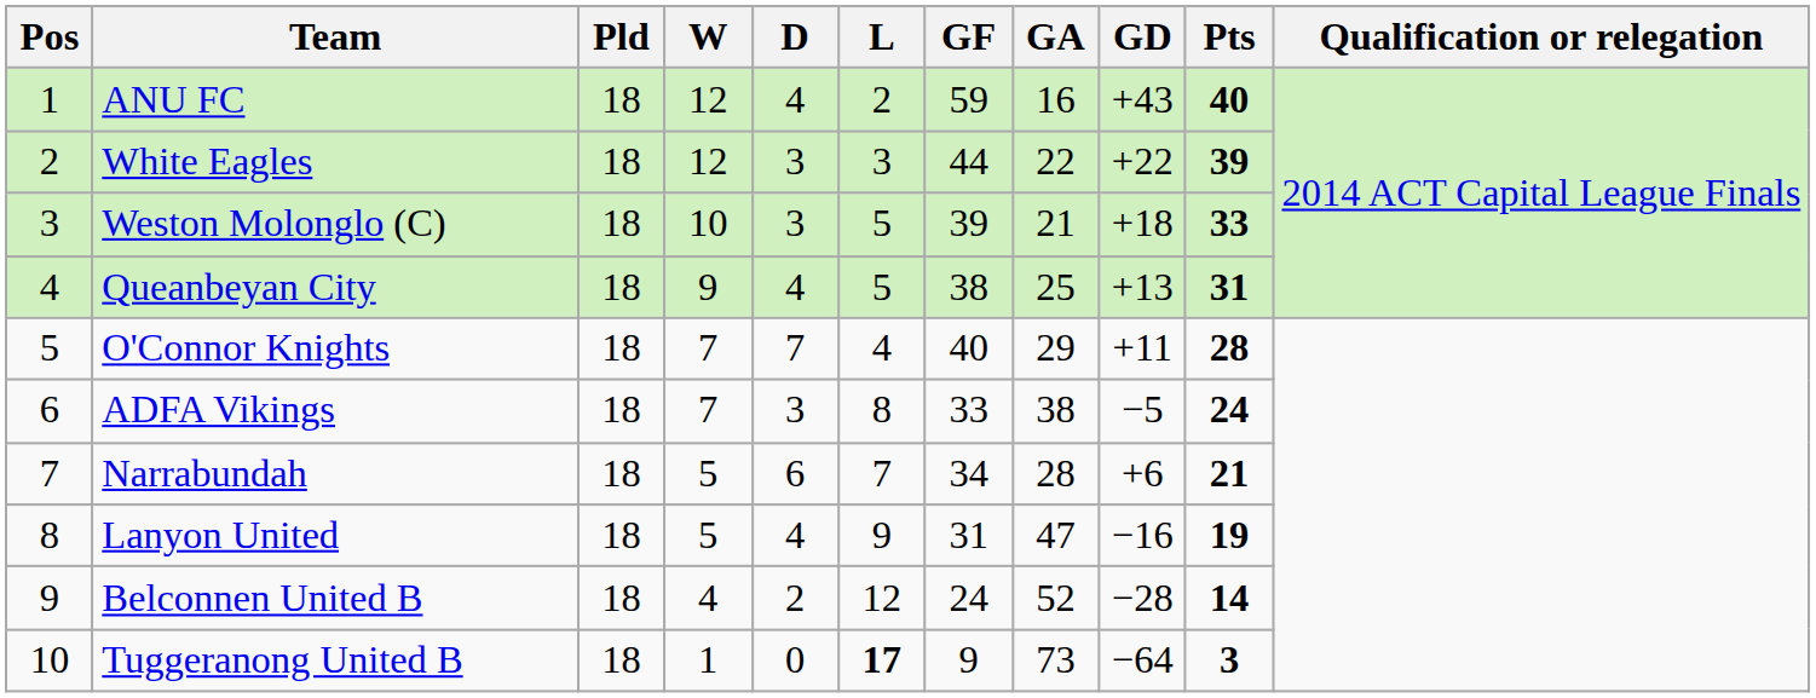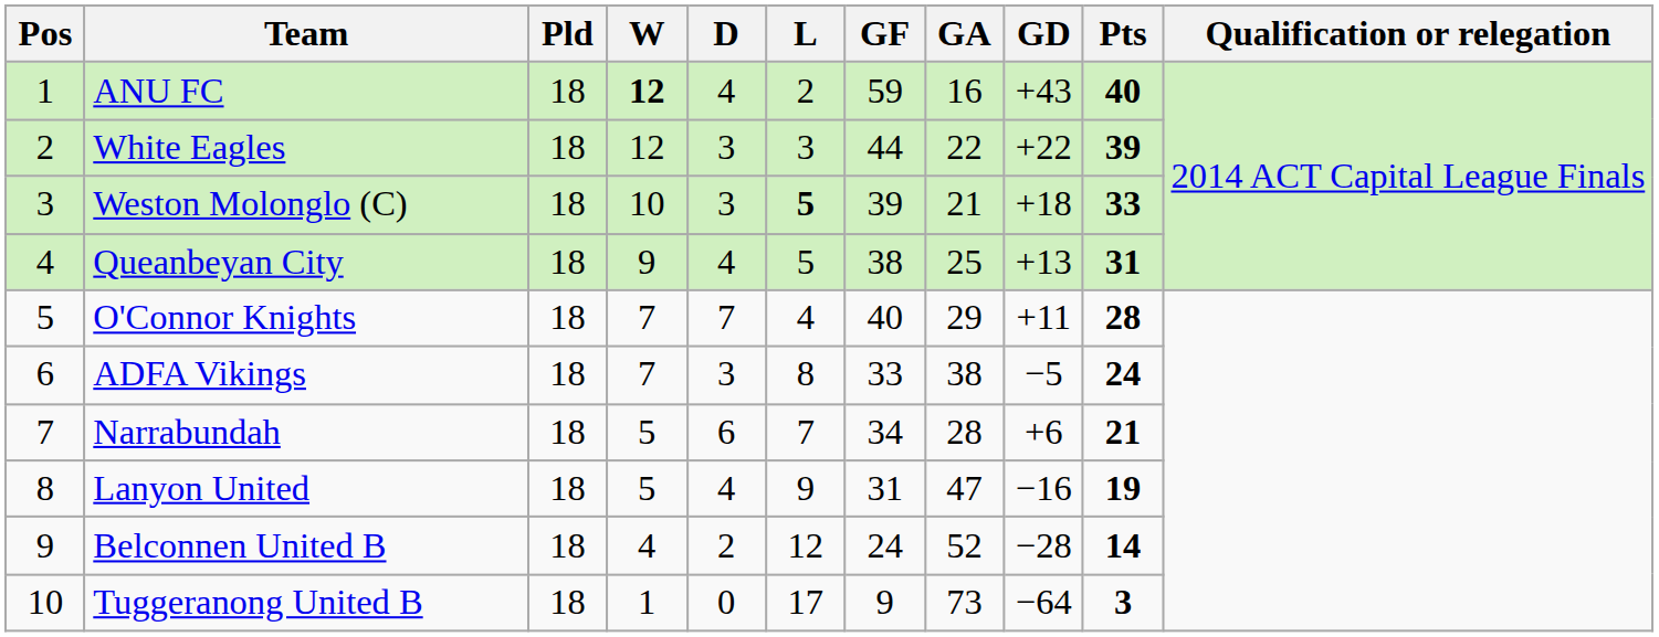 <table class="wikitable" style="text-align:center;">
 <tr>
 <th scope="col" width=28><abbr>Pos</abbr></th>
 <th scope="col" width=190>Team</th>
 <th scope="col" width=28><abbr>Pld</abbr></th>
 <th scope="col" width=28><abbr>W</abbr></th>
 <th scope="col" width=28><abbr>D</abbr></th>
 <th scope="col" width=28><abbr>L</abbr></th>
 <th scope="col" width=28><abbr>GF</abbr></th>
 <th scope="col" width=28><abbr>GA</abbr></th>
 <th scope="col" width=28><abbr>GD</abbr></th>
 <th scope="col" width=28><abbr>Pts</abbr></th>
 <th scope="col">Qualification or relegation</th>
 </tr>
 <tr>
 <th scope="row" style="text-align: center;font-weight: normal;background-color:#D0F0C0;">1</th>
 <td style="text-align: left; white-space:nowrap;font-weight: normal;background-color:#D0F0C0;"><a href='#'>ANU FC</a></td>
 <td style="font-weight: normal;background-color:#D0F0C0;">18</td>
-<td style="font-weight: normal;background-color:#D0F0C0;">12</td>
+<td style="font-weight: normal;background-color:#D0F0C0;"><strong>12</strong></td>
 <td style="font-weight: normal;background-color:#D0F0C0;">4</td>
 <td style="font-weight: normal;background-color:#D0F0C0;">2</td>
 <td style="font-weight: normal;background-color:#D0F0C0;">59</td>
 <td style="font-weight: normal;background-color:#D0F0C0;">16</td>
 <td style="font-weight: normal;background-color:#D0F0C0;">+43</td>
 <td style="font-weight: bold;background-color:#D0F0C0;">40</td>
 <td style="font-weight: normal;background-color:#D0F0C0;" rowspan="4"><a href='#'>2014 ACT Capital League Finals</a></td>
 </tr>
 <tr>
 <th scope="row" style="text-align: center;font-weight: normal;background-color:#D0F0C0;">2</th>
 <td style="text-align: left; white-space:nowrap;font-weight: normal;background-color:#D0F0C0;"><a href='#'>White Eagles</a></td>
 <td style="font-weight: normal;background-color:#D0F0C0;">18</td>
 <td style="font-weight: normal;background-color:#D0F0C0;">12</td>
 <td style="font-weight: normal;background-color:#D0F0C0;">3</td>
 <td style="font-weight: normal;background-color:#D0F0C0;">3</td>
 <td style="font-weight: normal;background-color:#D0F0C0;">44</td>
 <td style="font-weight: normal;background-color:#D0F0C0;">22</td>
 <td style="font-weight: normal;background-color:#D0F0C0;">+22</td>
 <td style="font-weight: bold;background-color:#D0F0C0;">39</td>
 </tr>
 <tr>
 <th scope="row" style="text-align: center;font-weight: normal;background-color:#D0F0C0;">3</th>
 <td style="text-align: left; white-space:nowrap;font-weight: normal;background-color:#D0F0C0;"><a href='#'>Weston Molonglo</a> <span>(C)</span></td>
 <td style="font-weight: normal;background-color:#D0F0C0;">18</td>
 <td style="font-weight: normal;background-color:#D0F0C0;">10</td>
 <td style="font-weight: normal;background-color:#D0F0C0;">3</td>
-<td style="font-weight: normal;background-color:#D0F0C0;">5</td>
+<td style="font-weight: normal;background-color:#D0F0C0;"><strong>5</strong></td>
 <td style="font-weight: normal;background-color:#D0F0C0;">39</td>
 <td style="font-weight: normal;background-color:#D0F0C0;">21</td>
 <td style="font-weight: normal;background-color:#D0F0C0;">+18</td>
 <td style="font-weight: bold;background-color:#D0F0C0;">33</td>
 </tr>
 <tr>
 <th scope="row" style="text-align: center;font-weight: normal;background-color:#D0F0C0;">4</th>
 <td style="text-align: left; white-space:nowrap;font-weight: normal;background-color:#D0F0C0;"><a href='#'>Queanbeyan City</a></td>
 <td style="font-weight: normal;background-color:#D0F0C0;">18</td>
 <td style="font-weight: normal;background-color:#D0F0C0;">9</td>
 <td style="font-weight: normal;background-color:#D0F0C0;">4</td>
 <td style="font-weight: normal;background-color:#D0F0C0;">5</td>
 <td style="font-weight: normal;background-color:#D0F0C0;">38</td>
 <td style="font-weight: normal;background-color:#D0F0C0;">25</td>
 <td style="font-weight: normal;background-color:#D0F0C0;">+13</td>
 <td style="font-weight: bold;background-color:#D0F0C0;">31</td>
 </tr>
 <tr>
 <th scope="row" style="text-align: center;font-weight: normal;background-color:transparent;">5</th>
 <td style="text-align: left; white-space:nowrap;font-weight: normal;background-color:transparent;"><a href='#'>O'Connor Knights</a></td>
 <td style="font-weight: normal;background-color:transparent;">18</td>
 <td style="font-weight: normal;background-color:transparent;">7</td>
 <td style="font-weight: normal;background-color:transparent;">7</td>
 <td style="font-weight: normal;background-color:transparent;">4</td>
 <td style="font-weight: normal;background-color:transparent;">40</td>
 <td style="font-weight: normal;background-color:transparent;">29</td>
 <td style="font-weight: normal;background-color:transparent;">+11</td>
 <td style="font-weight: bold;background-color:transparent;">28</td>
 <td style="font-weight: normal;background-color:transparent;" rowspan="6"></td>
 </tr>
 <tr>
 <th scope="row" style="text-align: center;font-weight: normal;background-color:transparent;">6</th>
 <td style="text-align: left; white-space:nowrap;font-weight: normal;background-color:transparent;"><a href='#'>ADFA Vikings</a></td>
 <td style="font-weight: normal;background-color:transparent;">18</td>
 <td style="font-weight: normal;background-color:transparent;">7</td>
 <td style="font-weight: normal;background-color:transparent;">3</td>
 <td style="font-weight: normal;background-color:transparent;">8</td>
 <td style="font-weight: normal;background-color:transparent;">33</td>
 <td style="font-weight: normal;background-color:transparent;">38</td>
 <td style="font-weight: normal;background-color:transparent;">−5</td>
 <td style="font-weight: bold;background-color:transparent;">24</td>
 </tr>
 <tr>
 <th scope="row" style="text-align: center;font-weight: normal;background-color:transparent;">7</th>
 <td style="text-align: left; white-space:nowrap;font-weight: normal;background-color:transparent;"><a href='#'>Narrabundah</a></td>
 <td style="font-weight: normal;background-color:transparent;">18</td>
 <td style="font-weight: normal;background-color:transparent;">5</td>
 <td style="font-weight: normal;background-color:transparent;">6</td>
 <td style="font-weight: normal;background-color:transparent;">7</td>
 <td style="font-weight: normal;background-color:transparent;">34</td>
 <td style="font-weight: normal;background-color:transparent;">28</td>
 <td style="font-weight: normal;background-color:transparent;">+6</td>
 <td style="font-weight: bold;background-color:transparent;">21</td>
 </tr>
 <tr>
 <th scope="row" style="text-align: center;font-weight: normal;background-color:transparent;">8</th>
 <td style="text-align: left; white-space:nowrap;font-weight: normal;background-color:transparent;"><a href='#'>Lanyon United</a></td>
 <td style="font-weight: normal;background-color:transparent;">18</td>
 <td style="font-weight: normal;background-color:transparent;">5</td>
 <td style="font-weight: normal;background-color:transparent;">4</td>
 <td style="font-weight: normal;background-color:transparent;">9</td>
 <td style="font-weight: normal;background-color:transparent;">31</td>
 <td style="font-weight: normal;background-color:transparent;">47</td>
 <td style="font-weight: normal;background-color:transparent;">−16</td>
 <td style="font-weight: bold;background-color:transparent;">19</td>
 </tr>
 <tr>
 <th scope="row" style="text-align: center;font-weight: normal;background-color:transparent;">9</th>
 <td style="text-align: left; white-space:nowrap;font-weight: normal;background-color:transparent;"><a href='#'>Belconnen United B</a></td>
 <td style="font-weight: normal;background-color:transparent;">18</td>
 <td style="font-weight: normal;background-color:transparent;">4</td>
 <td style="font-weight: normal;background-color:transparent;">2</td>
 <td style="font-weight: normal;background-color:transparent;">12</td>
 <td style="font-weight: normal;background-color:transparent;">24</td>
 <td style="font-weight: normal;background-color:transparent;">52</td>
 <td style="font-weight: normal;background-color:transparent;">−28</td>
 <td style="font-weight: bold;background-color:transparent;">14</td>
 </tr>
 <tr>
 <th scope="row" style="text-align: center;font-weight: normal;background-color:transparent;">10</th>
 <td style="text-align: left; white-space:nowrap;font-weight: normal;background-color:transparent;"><a href='#'>Tuggeranong United B</a></td>
 <td style="font-weight: normal;background-color:transparent;">18</td>
 <td style="font-weight: normal;background-color:transparent;">1</td>
 <td style="font-weight: normal;background-color:transparent;">0</td>
-<td style="font-weight: normal;background-color:transparent;"><strong>17</strong></td>
+<td style="font-weight: normal;background-color:transparent;">17</td>
 <td style="font-weight: normal;background-color:transparent;">9</td>
 <td style="font-weight: normal;background-color:transparent;">73</td>
 <td style="font-weight: normal;background-color:transparent;">−64</td>
 <td style="font-weight: bold;background-color:transparent;">3</td>
 </tr>
 </table>
